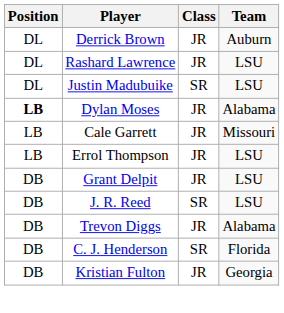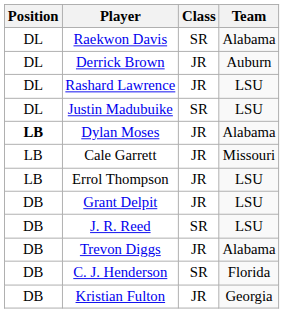 <table class="wikitable sortable">
 <tr>
 <th>Position</th>
 <th>Player</th>
 <th>Class</th>
 <th>Team</th>
+</tr>
+<tr style="text-align:center;">
+<td style="background:white">DL</td>
+<td style="background:white"><a href='#'>Raekwon Davis</a></td>
+<td style="background:white">SR</td>
+<td>Alabama</td>
 </tr>
 <tr style="text-align:center;">
 <td style="background:white">DL</td>
 <td style="background:white"><a href='#'>Derrick Brown</a></td>
 <td style="background:white">JR</td>
 <td>Auburn</td>
 </tr>
 <tr style="text-align:center;">
 <td style="background:white">DL</td>
 <td style="background:white"><a href='#'>Rashard Lawrence</a></td>
 <td style="background:white">JR</td>
 <td>LSU</td>
 </tr>
 <tr style="text-align:center;">
 <td style="background:white">DL</td>
 <td style="background:white"><a href='#'>Justin Madubuike</a></td>
 <td style="background:white">SR</td>
 <td>LSU</td>
 </tr>
 <tr style="text-align:center;">
 <td style="background:white"><strong>LB</strong></td>
 <td style="background:white"><a href='#'>Dylan Moses</a></td>
 <td style="background:white">JR</td>
 <td>Alabama</td>
 </tr>
 <tr style="text-align:center;">
 <td style="background:white">LB</td>
 <td style="background:white">Cale Garrett</td>
 <td style="background:white">JR</td>
 <td>Missouri</td>
 </tr>
 <tr style="text-align:center;">
 <td style="background:white">LB</td>
 <td style="background:white">Errol Thompson</td>
 <td style="background:white">JR</td>
 <td>LSU</td>
 </tr>
 <tr style="text-align:center;">
 <td style="background:white">DB</td>
 <td style="background:white"><a href='#'>Grant Delpit</a></td>
 <td style="background:white">JR</td>
 <td>LSU</td>
 </tr>
 <tr style="text-align:center;">
 <td style="background:white">DB</td>
 <td style="background:white"><a href='#'>J. R. Reed</a></td>
 <td style="background:white">SR</td>
 <td>LSU</td>
 </tr>
 <tr style="text-align:center;">
 <td style="background:white">DB</td>
 <td style="background:white"><a href='#'>Trevon Diggs</a></td>
 <td style="background:white">JR</td>
 <td>Alabama</td>
 </tr>
 <tr style="text-align:center;">
 <td style="background:white">DB</td>
 <td style="background:white"><a href='#'>C. J. Henderson</a></td>
 <td style="background:white">SR</td>
 <td>Florida</td>
 </tr>
 <tr style="text-align:center;">
 <td style="background:white">DB</td>
 <td style="background:white"><a href='#'>Kristian Fulton</a></td>
 <td style="background:white">JR</td>
 <td>Georgia</td>
 </tr>
 </table>
